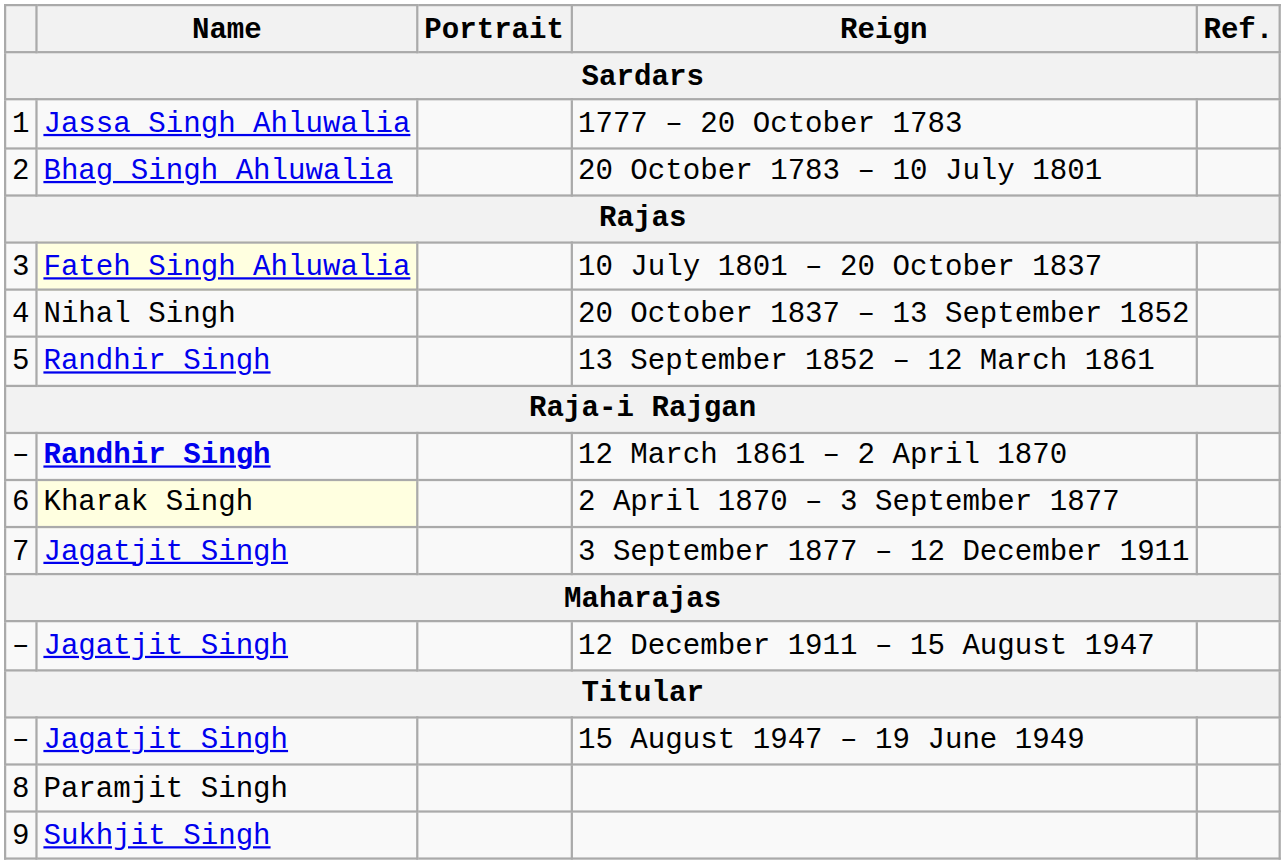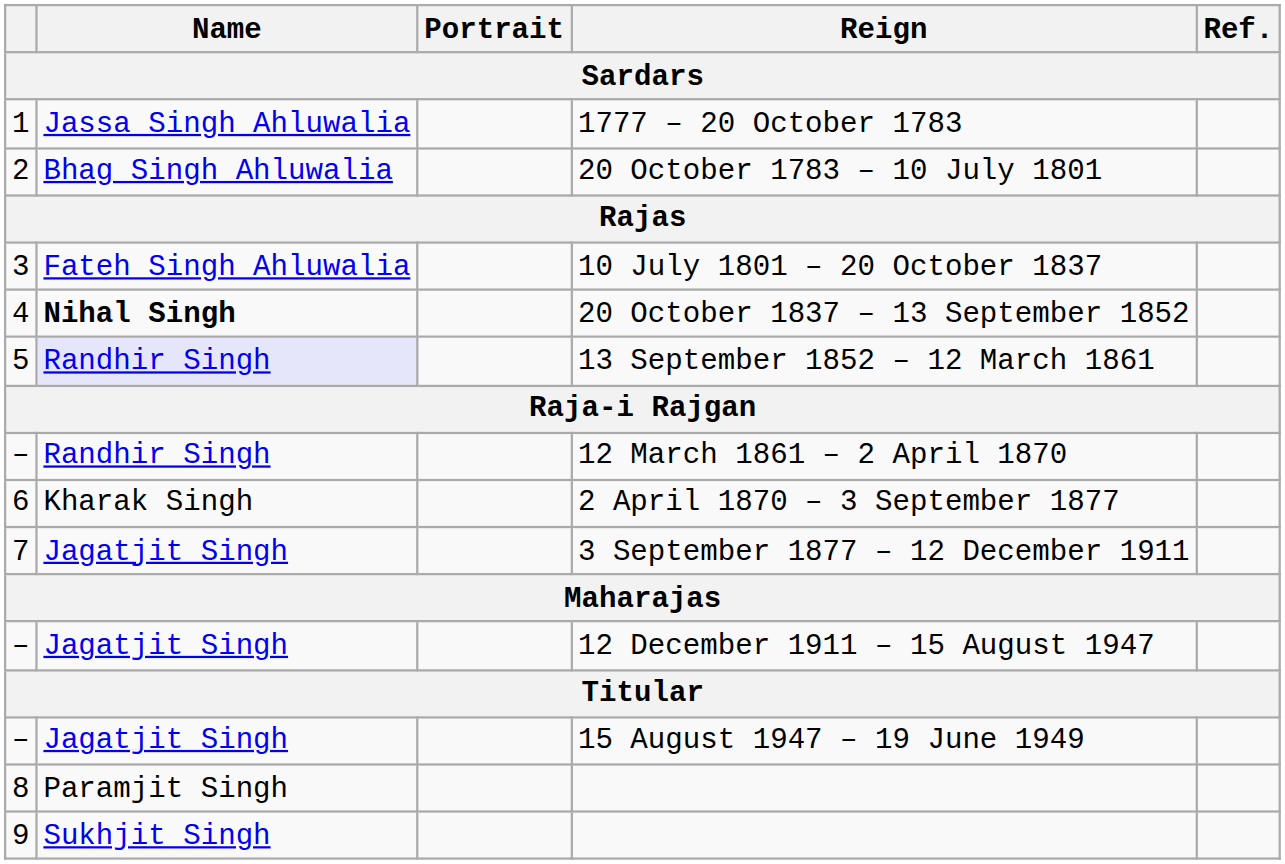 <table class="wikitable">
 <tr>
 <th></th>
 <th>Name<br></th>
 <th>Portrait</th>
 <th class="unsortable">Reign</th>
 <th>Ref.</th>
 </tr>
 <tr>
 <th colspan="5"><strong>Sardars</strong></th>
 </tr>
 <tr>
 <td>1</td>
 <td><a href='#'>Jassa Singh Ahluwalia</a><br></td>
 <td></td>
 <td>1777 – 20 October 1783</td>
 <td></td>
 </tr>
 <tr>
 <td>2</td>
 <td><a href='#'>Bhag Singh Ahluwalia</a><br></td>
 <td></td>
 <td>20 October 1783 – 10 July 1801</td>
 <td></td>
 </tr>
 <tr>
 <th colspan="5">Rajas</th>
 </tr>
 <tr>
 <td>3</td>
-<td style="background: lightyellow;"><a href='#'>Fateh Singh Ahluwalia</a><br></td>
+<td><a href='#'>Fateh Singh Ahluwalia</a><br></td>
 <td></td>
 <td>10 July 1801 – 20 October 1837</td>
 <td></td>
 </tr>
 <tr>
 <td>4</td>
-<td>Nihal Singh<br></td>
+<td><strong>Nihal Singh<br></strong></td>
 <td></td>
 <td>20 October 1837 – 13 September 1852</td>
 <td></td>
 </tr>
 <tr>
 <td>5</td>
-<td><a href='#'>Randhir Singh</a><br></td>
+<td style="background: lavender;"><a href='#'>Randhir Singh</a><br></td>
 <td></td>
 <td>13 September 1852 – 12 March 1861</td>
 <td></td>
 </tr>
 <tr>
 <th colspan="5">Raja-i Rajgan</th>
 </tr>
 <tr>
 <td>–</td>
-<td><strong><a href='#'>Randhir Singh</a><br></strong></td>
+<td><a href='#'>Randhir Singh</a><br></td>
 <td></td>
 <td>12 March 1861 – 2 April 1870</td>
 <td></td>
 </tr>
 <tr>
 <td>6</td>
-<td style="background: lightyellow;">Kharak Singh<br></td>
+<td>Kharak Singh<br></td>
 <td></td>
 <td>2 April 1870 –  3 September 1877</td>
 <td></td>
 </tr>
 <tr>
 <td>7</td>
 <td><a href='#'>Jagatjit Singh</a><br></td>
 <td></td>
 <td>3 September 1877 – 12 December 1911</td>
 <td></td>
 </tr>
 <tr>
 <th colspan="5">Maharajas</th>
 </tr>
 <tr>
 <td>–</td>
 <td><a href='#'>Jagatjit Singh</a><br></td>
 <td></td>
 <td>12 December 1911 – 15 August 1947</td>
 <td></td>
 </tr>
 <tr>
 <th colspan="5">Titular</th>
 </tr>
 <tr>
 <td>–</td>
 <td><a href='#'>Jagatjit Singh</a><br></td>
 <td></td>
 <td>15 August 1947 – 19 June 1949</td>
 <td></td>
 </tr>
 <tr>
 <td>8</td>
 <td>Paramjit Singh</td>
 <td></td>
 <td></td>
 <td></td>
 </tr>
 <tr>
 <td>9</td>
 <td><a href='#'>Sukhjit Singh</a></td>
 <td></td>
 <td></td>
 <td></td>
 </tr>
 </table>
